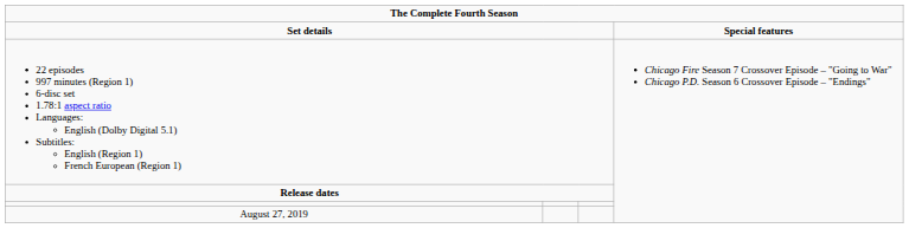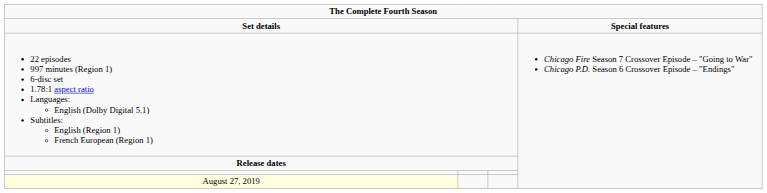 <table class="wikitable plainrowheaders" style="font-size:90%; text-align:center; width: 100%; margin-left: auto; margin-right: auto;">
 <tr>
 <td colspan="6"><strong>The Complete Fourth Season</strong></td>
 </tr>
 <tr>
 <td align="center" width="300" colspan="3"><strong>Set details</strong></td>
 <td width="400" align="center"><strong>Special features</strong></td>
 </tr>
 <tr valign="top">
 <td colspan="3" align="left" width="300"><br><ul><li>22 episodes</li><li>997 minutes (Region 1)</li><li>6-disc set</li><li>1.78:1 <a href='#'>aspect ratio</a></li><li>Languages:<ul><li>English (Dolby Digital 5.1)</li></ul></li><li>Subtitles:<ul><li>English (Region 1)</li><li>French European (Region 1)</li></ul></li></ul></td>
 <td rowspan="4" align="left" width="400"><br><ul><li><em>Chicago Fire</em> Season 7 Crossover Episode – "Going to War"</li><li><em>Chicago P.D.</em> Season 6 Crossover Episode – "Endings"</li></ul></td>
 </tr>
 <tr>
 <td colspan="3" align="center"><strong>Release dates</strong></td>
 </tr>
 <tr>
 <td align="center"></td>
 <td align="center"></td>
 <td align="center"></td>
 </tr>
 <tr>
-<td align="center">August 27, 2019</td>
+<td align="center" style="background: lightyellow;">August 27, 2019</td>
 <td align="center"></td>
 <td align="center"></td>
 </tr>
 </table>
